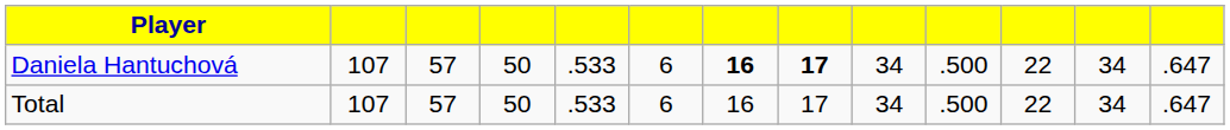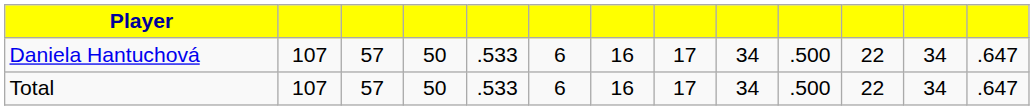 <table class="wikitable" style="text-align:center">
 <tr>
 <th style="background:yellow; color:#00009C" width="200px">Player</th>
 <th style="background:yellow; color:#00009C" width="40px"></th>
 <th style="background:yellow; color:#00009C" width="40px"></th>
 <th style="background:yellow; color:#00009C" width="40px"></th>
 <th style="background:yellow; color:#00009C" width="40px"></th>
 <th style="background:yellow; color:#00009C" width="40px"></th>
 <th style="background:yellow; color:#00009C" width="40px"></th>
 <th style="background:yellow; color:#00009C" width="40px"></th>
 <th style="background:yellow; color:#00009C" width="40px"></th>
 <th style="background:yellow; color:#00009C" width="40px"></th>
 <th style="background:yellow; color:#00009C" width="40px"></th>
 <th style="background:yellow; color:#00009C" width="40px"></th>
 <th style="background:yellow; color:#00009C" width="40px"></th>
 </tr>
 <tr>
 <td style="text-align:left"><a href='#'>Daniela Hantuchová</a></td>
 <td>107</td>
 <td>57</td>
 <td>50</td>
 <td>.533</td>
 <td>6</td>
-<td><strong>16</strong></td>
-<td><strong>17</strong></td>
+<td>16</td>
+<td>17</td>
 <td>34</td>
 <td>.500</td>
 <td>22</td>
 <td>34</td>
 <td>.647</td>
 </tr>
 <tr>
 <td style="text-align:left">Total</td>
 <td>107</td>
 <td>57</td>
 <td>50</td>
 <td>.533</td>
 <td>6</td>
 <td>16</td>
 <td>17</td>
 <td>34</td>
 <td>.500</td>
 <td>22</td>
 <td>34</td>
 <td>.647</td>
 </tr>
 </table>
